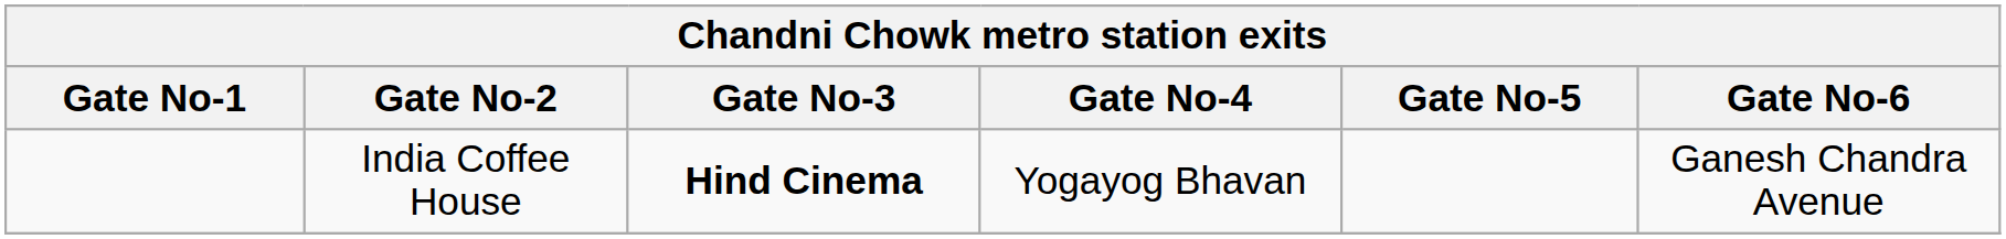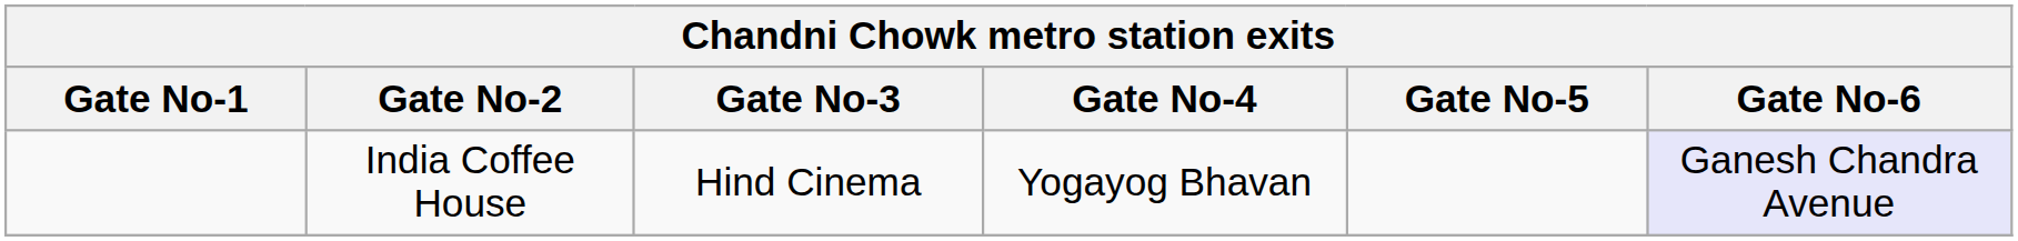 <table class="wikitable" style="text-align: center;" width="65%">
 <tr>
 <th align="center" colspan="6" style="background:;"><span><strong>Chandni Chowk metro station exits </strong></span></th>
 </tr>
 <tr>
 <th style="width:5%;">Gate No-1</th>
 <th style="width:5%;">Gate No-2</th>
 <th style="width:5%;">Gate No-3</th>
 <th style="width:5%;">Gate No-4</th>
 <th style="width:5%;">Gate No-5</th>
 <th style="width:5%;">Gate No-6</th>
 </tr>
 <tr>
 <td></td>
 <td>India Coffee House</td>
-<td><strong>Hind Cinema</strong></td>
+<td>Hind Cinema</td>
 <td>Yogayog Bhavan</td>
 <td></td>
-<td>Ganesh Chandra Avenue</td>
+<td style="background: lavender;">Ganesh Chandra Avenue</td>
 </tr>
 <tr>
 </tr>
 </table>
